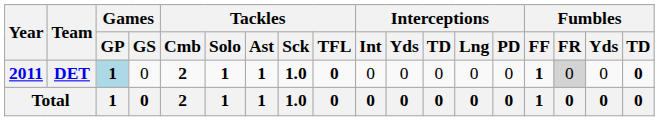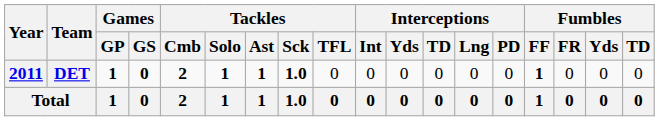 <table class="wikitable" style="text-align:center">
 <tr>
 <th rowspan="2">Year</th>
 <th rowspan="2">Team</th>
 <th colspan="2">Games</th>
 <th colspan="5">Tackles</th>
 <th colspan="5">Interceptions</th>
 <th colspan="4">Fumbles</th>
 </tr>
 <tr>
 <th>GP</th>
 <th>GS</th>
 <th>Cmb</th>
 <th>Solo</th>
 <th>Ast</th>
 <th>Sck</th>
 <th>TFL</th>
 <th>Int</th>
 <th>Yds</th>
 <th>TD</th>
 <th>Lng</th>
 <th>PD</th>
 <th>FF</th>
 <th>FR</th>
 <th>Yds</th>
 <th>TD</th>
 </tr>
 <tr>
 <th><a href='#'>2011</a></th>
 <th><a href='#'>DET</a></th>
-<td style="background: lightblue;"><strong>1</strong></td>
-<td>0</td>
+<td><strong>1</strong></td>
+<td><strong>0</strong></td>
 <td><strong>2</strong></td>
 <td><strong>1</strong></td>
 <td><strong>1</strong></td>
 <td><strong>1.0</strong></td>
-<td><strong>0</strong></td>
+<td>0</td>
 <td>0</td>
 <td>0</td>
 <td>0</td>
 <td>0</td>
 <td>0</td>
 <td><strong>1</strong></td>
-<td style="background: lightgrey;">0</td>
 <td>0</td>
-<td><strong>0</strong></td>
+<td>0</td>
+<td>0</td>
 </tr>
 <tr>
 <th colspan="2">Total</th>
 <th>1</th>
 <th>0</th>
 <th>2</th>
 <th>1</th>
 <th>1</th>
 <th>1.0</th>
 <th>0</th>
 <th>0</th>
 <th>0</th>
 <th>0</th>
 <th>0</th>
 <th>0</th>
 <th>1</th>
 <th>0</th>
 <th>0</th>
 <th>0</th>
 </tr>
 </table>
